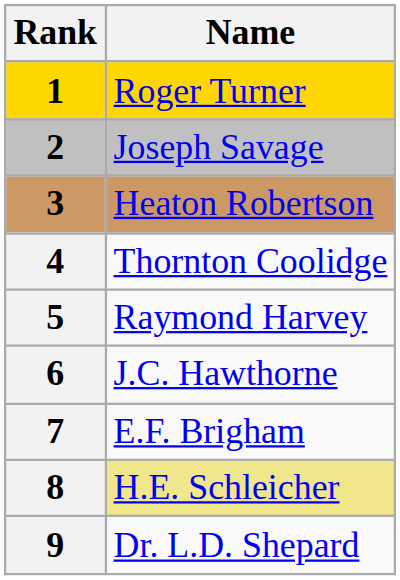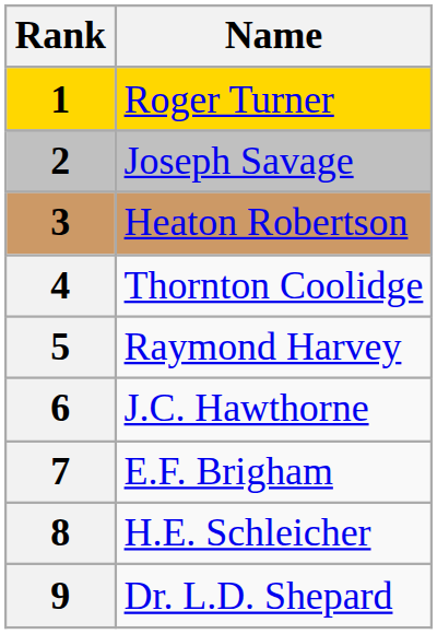 <table class="wikitable">
 <tr>
 <th>Rank</th>
 <th>Name</th>
 </tr>
 <tr bgcolor="gold">
 <td align="center"><strong>1</strong></td>
 <td><a href='#'>Roger Turner</a></td>
 </tr>
 <tr bgcolor="silver">
 <td align="center"><strong>2</strong></td>
 <td><a href='#'>Joseph Savage</a></td>
 </tr>
 <tr bgcolor="cc9966">
 <td align="center"><strong>3</strong></td>
 <td><a href='#'>Heaton Robertson</a></td>
 </tr>
 <tr>
 <th>4</th>
 <td><a href='#'>Thornton Coolidge</a></td>
 </tr>
 <tr>
 <th>5</th>
 <td><a href='#'>Raymond Harvey</a></td>
 </tr>
 <tr>
 <th>6</th>
 <td><a href='#'>J.C. Hawthorne</a></td>
 </tr>
 <tr>
 <th>7</th>
 <td><a href='#'>E.F. Brigham</a></td>
 </tr>
 <tr>
 <th>8</th>
-<td style="background: khaki;"><a href='#'>H.E. Schleicher</a></td>
+<td><a href='#'>H.E. Schleicher</a></td>
 </tr>
 <tr>
 <th>9</th>
 <td><a href='#'>Dr. L.D. Shepard</a></td>
 </tr>
 </table>
